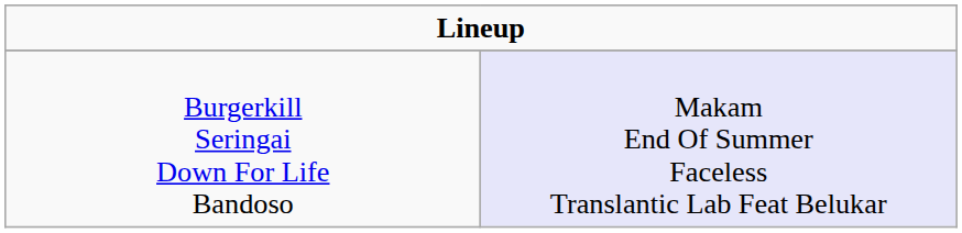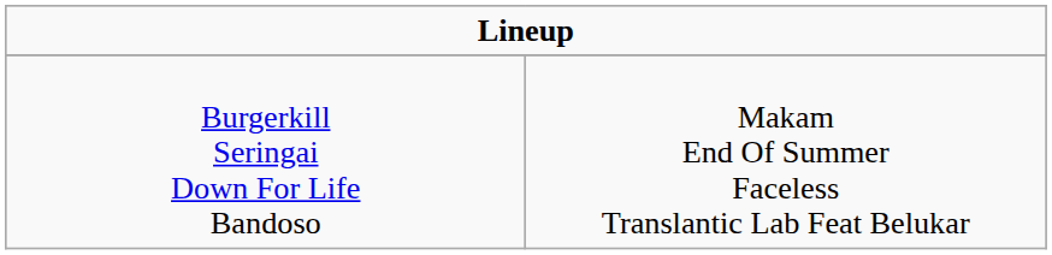 <table class="wikitable">
 <tr>
 <td colspan="2" align="center"><strong>Lineup</strong></td>
 </tr>
 <tr>
 </tr>
 <tr>
 <td valign="top" align="center" width=256><br><a href='#'>Burgerkill</a><br> <a href='#'>Seringai</a><br> <a href='#'>Down For Life</a><br> Bandoso<br></td>
-<td valign="top" align="center" width=256 style="background: lavender;"><br>Makam<br> End Of Summer<br> Faceless<br> Translantic Lab Feat Belukar<br></td>
+<td valign="top" align="center" width=256><br>Makam<br> End Of Summer<br> Faceless<br> Translantic Lab Feat Belukar<br></td>
 </tr>
 </table>
